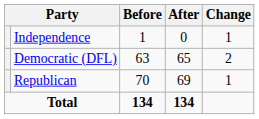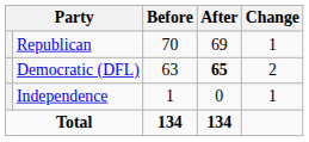 <table class="wikitable" style="text-align:center;">
 <tr>
 <th colspan="2">Party</th>
 <th>Before</th>
 <th>After</th>
 <th>Change</th>
 </tr>
 <tr>
 <th style="background-color:"></th>
-<td style="text-align:left;"><a href='#'>Independence</a></td>
-<td>1</td>
-<td>0</td>
+<td style="text-align:left;"><a href='#'>Republican</a></td>
+<td>70</td>
+<td>69</td>
 <td> 1</td>
 </tr>
 <tr>
 <th style="background-color:"></th>
 <td style="text-align:left;"><a href='#'>Democratic (DFL)</a></td>
 <td>63</td>
-<td>65</td>
+<td><strong>65</strong></td>
 <td> 2</td>
 </tr>
 <tr>
 <th style="background-color:"></th>
-<td style="text-align:left;"><a href='#'>Republican</a></td>
-<td>70</td>
-<td>69</td>
+<td style="text-align:left;"><a href='#'>Independence</a></td>
+<td>1</td>
+<td>0</td>
 <td> 1</td>
 </tr>
 <tr>
 <td colspan="2"><strong>Total</strong></td>
 <td><strong>134</strong></td>
 <td><strong>134</strong></td>
 <td></td>
 </tr>
 </table>
